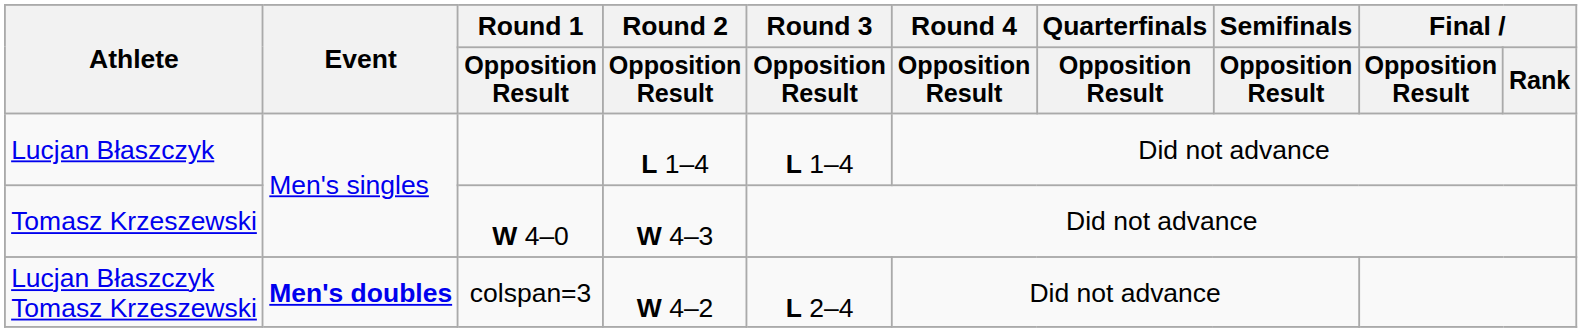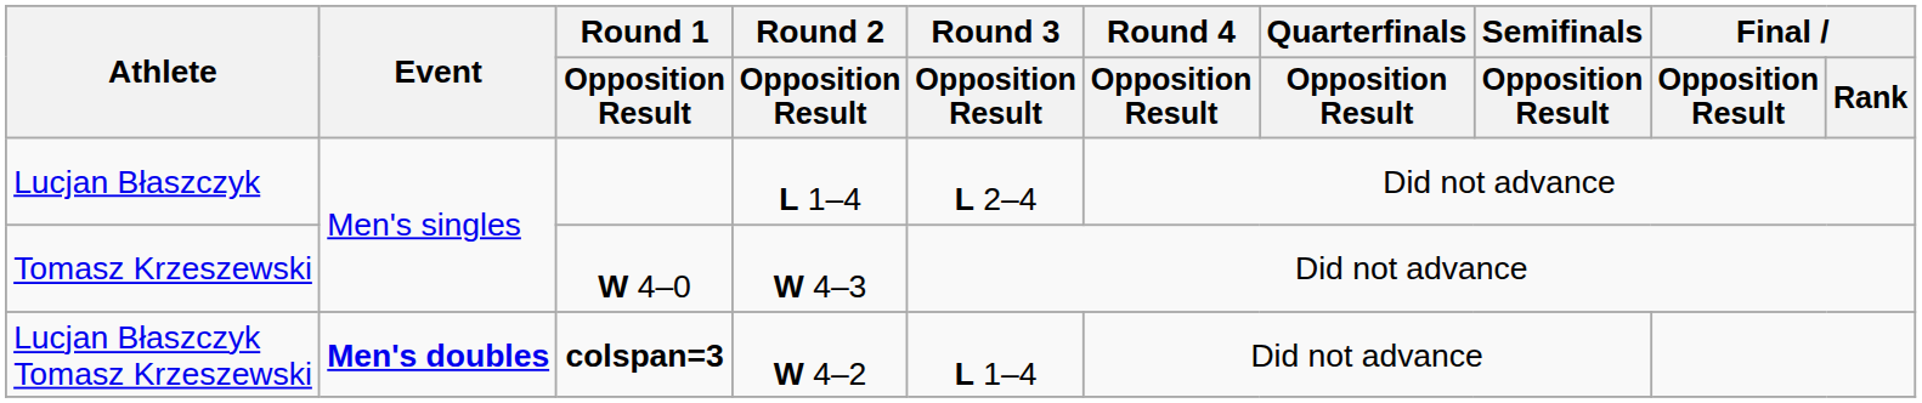 <table class="wikitable" style="font-size:90%">
 <tr>
 <th rowspan="2">Athlete</th>
 <th rowspan="2">Event</th>
 <th>Round 1</th>
 <th>Round 2</th>
 <th>Round 3</th>
 <th>Round 4</th>
 <th>Quarterfinals</th>
 <th>Semifinals</th>
 <th colspan=2>Final / </th>
 </tr>
 <tr style="font-size:95%">
 <th>Opposition<br>Result</th>
 <th>Opposition<br>Result</th>
 <th>Opposition<br>Result</th>
 <th>Opposition<br>Result</th>
 <th>Opposition<br>Result</th>
 <th>Opposition<br>Result</th>
 <th>Opposition<br>Result</th>
 <th>Rank</th>
 </tr>
 <tr align=center>
 <td align=left><a href='#'>Lucjan Błaszczyk</a></td>
 <td align=left rowspan=2><a href='#'>Men's singles</a></td>
 <td></td>
 <td><br><strong>L</strong> 1–4</td>
-<td><br><strong>L</strong> 1–4</td>
+<td><br> <strong>L</strong> 2–4</td>
 <td colspan=5>Did not advance</td>
 </tr>
 <tr align=center>
 <td align=left><a href='#'>Tomasz Krzeszewski</a></td>
 <td><br><strong>W</strong> 4–0</td>
 <td><br><strong>W</strong> 4–3</td>
 <td colspan=6>Did not advance</td>
 </tr>
 <tr align=center>
 <td align=left><a href='#'>Lucjan Błaszczyk</a><br><a href='#'>Tomasz Krzeszewski</a></td>
 <td align=left><strong><a href='#'>Men's doubles</a></strong></td>
-<td>colspan=3 </td>
+<td><strong>colspan=3 </strong></td>
 <td><br><strong>W</strong> 4–2</td>
-<td><br> <strong>L</strong> 2–4</td>
+<td><br><strong>L</strong> 1–4</td>
 <td colspan=3>Did not advance</td>
 </tr>
 </table>
